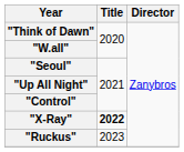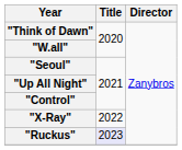 <table class="wikitable plainrowheaders" style="text-align:center">
 <tr>
 <th scope="col">Year</th>
 <th scope="col">Title</th>
 <th scope="col">Director</th>
 </tr>
 <tr>
 <th scope="row">"Think of Dawn"</th>
 <td rowspan="2">2020</td>
 <td rowspan="7"><a href='#'>Zanybros</a></td>
 </tr>
 <tr>
 <th scope="row">"W.all"</th>
 </tr>
 <tr>
 <th scope="row">"Seoul"</th>
 <td rowspan="3">2021</td>
 </tr>
 <tr>
 <th scope="row">"Up All Night"</th>
 </tr>
 <tr>
 <th scope="row">"Control"</th>
 </tr>
 <tr>
 <th scope="row">"X-Ray"</th>
-<td><strong>2022</strong></td>
+<td>2022</td>
 </tr>
 <tr>
 <th scope="row">"Ruckus"</th>
-<td>2023</td>
+<td style="background: lavender;">2023</td>
 </tr>
 <tr>
 </tr>
 </table>
